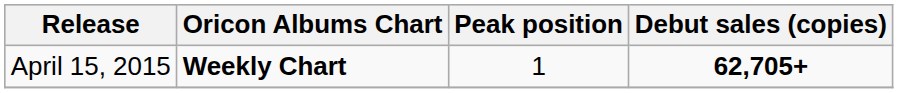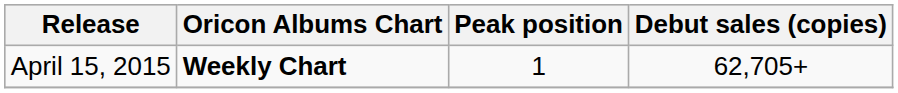 <table class="wikitable">
 <tr>
 <th>Release</th>
 <th>Oricon Albums Chart</th>
 <th>Peak position</th>
 <th>Debut sales (copies)</th>
 </tr>
 <tr>
 <td rowspan="1">April 15, 2015</td>
 <td><strong>Weekly Chart</strong></td>
 <td align="center">1</td>
-<td align="center"><strong>62,705+</strong></td>
+<td align="center">62,705+</td>
 </tr>
 <tr>
 </tr>
 </table>
